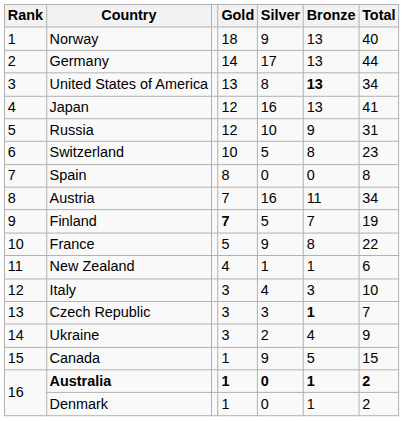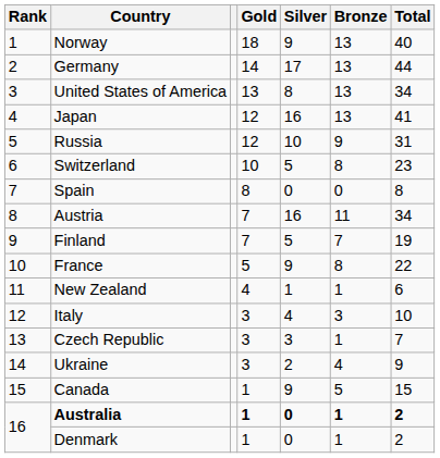 <table class="wikitable">
 <tr>
 <th>Rank</th>
 <th>Country</th>
 <th></th>
 <th>Gold</th>
 <th>Silver</th>
 <th>Bronze</th>
 <th>Total</th>
 </tr>
 <tr>
 <td>1</td>
 <td>Norway</td>
 <td align=left></td>
 <td>18</td>
 <td>9</td>
 <td>13</td>
 <td>40</td>
 </tr>
 <tr>
 <td>2</td>
 <td>Germany</td>
 <td></td>
 <td>14</td>
 <td>17</td>
 <td>13</td>
 <td>44</td>
 </tr>
 <tr>
 <td>3</td>
 <td>United States of America</td>
 <td></td>
 <td>13</td>
 <td>8</td>
-<td><strong>13</strong></td>
+<td>13</td>
 <td>34</td>
 </tr>
 <tr>
 <td>4</td>
 <td>Japan</td>
 <td></td>
 <td>12</td>
 <td>16</td>
 <td>13</td>
 <td>41</td>
 </tr>
 <tr>
 <td>5</td>
 <td>Russia</td>
 <td></td>
 <td>12</td>
 <td>10</td>
 <td>9</td>
 <td>31</td>
 </tr>
 <tr>
 <td>6</td>
 <td>Switzerland</td>
 <td></td>
 <td>10</td>
 <td>5</td>
 <td>8</td>
 <td>23</td>
 </tr>
 <tr>
 <td>7</td>
 <td>Spain</td>
 <td></td>
 <td>8</td>
 <td>0</td>
 <td>0</td>
 <td>8</td>
 </tr>
 <tr>
 <td>8</td>
 <td>Austria</td>
 <td></td>
 <td>7</td>
 <td>16</td>
 <td>11</td>
 <td>34</td>
 </tr>
 <tr>
 <td>9</td>
 <td>Finland</td>
 <td></td>
-<td><strong>7</strong></td>
+<td>7</td>
 <td>5</td>
 <td>7</td>
 <td>19</td>
 </tr>
 <tr>
 <td>10</td>
 <td>France</td>
 <td></td>
 <td>5</td>
 <td>9</td>
 <td>8</td>
 <td>22</td>
 </tr>
 <tr>
 <td>11</td>
 <td>New Zealand</td>
 <td></td>
 <td>4</td>
 <td>1</td>
 <td>1</td>
 <td>6</td>
 </tr>
 <tr>
 <td>12</td>
 <td>Italy</td>
 <td></td>
 <td>3</td>
 <td>4</td>
 <td>3</td>
 <td>10</td>
 </tr>
 <tr>
 <td>13</td>
 <td>Czech Republic</td>
 <td></td>
 <td>3</td>
 <td>3</td>
-<td><strong>1</strong></td>
+<td>1</td>
 <td>7</td>
 </tr>
 <tr>
 <td>14</td>
 <td>Ukraine</td>
 <td></td>
 <td>3</td>
 <td>2</td>
 <td>4</td>
 <td>9</td>
 </tr>
 <tr>
 <td>15</td>
 <td>Canada</td>
 <td></td>
 <td>1</td>
 <td>9</td>
 <td>5</td>
 <td>15</td>
 </tr>
 <tr>
 <td rowspan="2">16</td>
 <td><strong>Australia</strong></td>
 <td><strong></strong></td>
 <td><strong>1</strong></td>
 <td><strong>0</strong></td>
 <td><strong>1</strong></td>
 <td><strong>2</strong></td>
 </tr>
 <tr>
 <td>Denmark</td>
 <td></td>
 <td>1</td>
 <td>0</td>
 <td>1</td>
 <td>2</td>
 </tr>
 </table>
